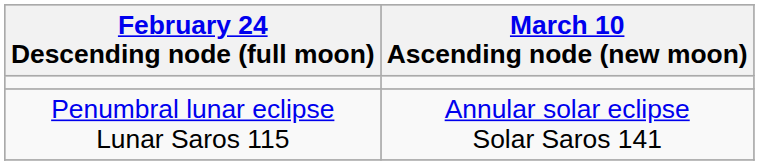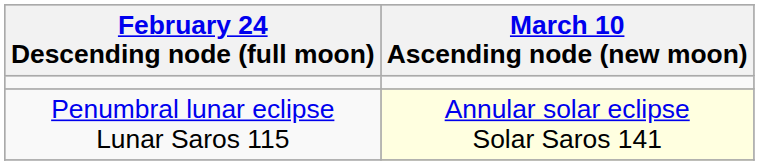 <table class="wikitable">
 <tr>
 <th><a href='#'>February 24</a><br>Descending node (full moon)<br></th>
 <th><a href='#'>March 10</a><br>Ascending node (new moon)<br></th>
 </tr>
 <tr>
 <td></td>
 <td></td>
 </tr>
 <tr align=center>
 <td><a href='#'>Penumbral lunar eclipse</a><br>Lunar Saros 115</td>
-<td><a href='#'>Annular solar eclipse</a><br>Solar Saros 141</td>
+<td style="background: lightyellow;"><a href='#'>Annular solar eclipse</a><br>Solar Saros 141</td>
 </tr>
 </table>
